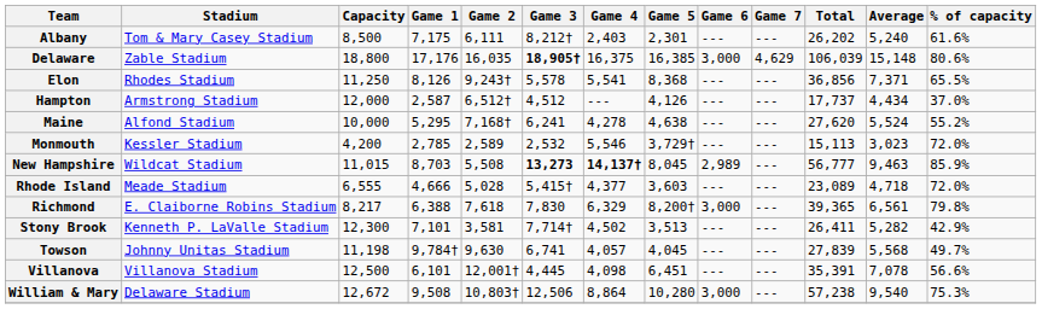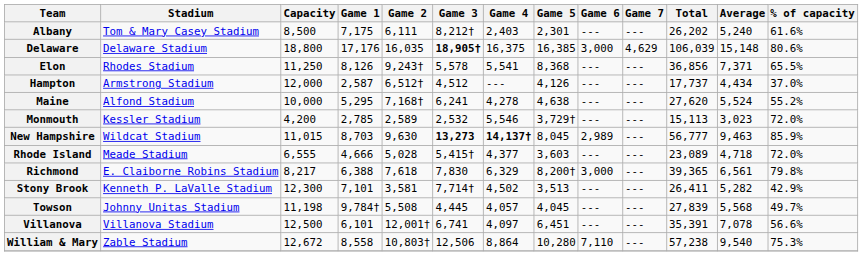 <table class="wikitable sortable">
 <tr>
 <th>Team</th>
 <th>Stadium</th>
 <th>Capacity</th>
 <th>Game 1</th>
 <th>Game 2</th>
 <th>Game 3</th>
 <th>Game 4</th>
 <th>Game 5</th>
 <th>Game 6</th>
 <th>Game 7</th>
 <th>Total</th>
 <th>Average</th>
 <th>% of capacity</th>
 </tr>
 <tr>
 <th>Albany</th>
 <td><a href='#'>Tom & Mary Casey Stadium</a></td>
 <td>8,500</td>
 <td>7,175</td>
 <td>6,111</td>
 <td>8,212†</td>
 <td>2,403</td>
 <td>2,301</td>
 <td>---</td>
 <td>---</td>
 <td>26,202</td>
 <td>5,240</td>
 <td>61.6%</td>
 </tr>
 <tr>
 <th>Delaware</th>
-<td><a href='#'>Zable Stadium</a></td>
+<td><a href='#'>Delaware Stadium</a></td>
 <td>18,800</td>
 <td>17,176</td>
 <td>16,035</td>
 <td><strong>18,905†</strong></td>
 <td>16,375</td>
 <td>16,385</td>
 <td>3,000</td>
 <td>4,629</td>
 <td>106,039</td>
 <td>15,148</td>
 <td>80.6%</td>
 </tr>
 <tr>
 <th>Elon</th>
 <td><a href='#'>Rhodes Stadium</a></td>
 <td>11,250</td>
 <td>8,126</td>
 <td>9,243†</td>
 <td>5,578</td>
 <td>5,541</td>
 <td>8,368</td>
 <td>---</td>
 <td>---</td>
 <td>36,856</td>
 <td>7,371</td>
 <td>65.5%</td>
 </tr>
 <tr>
 <th>Hampton</th>
 <td><a href='#'>Armstrong Stadium</a></td>
 <td>12,000</td>
 <td>2,587</td>
 <td>6,512†</td>
 <td>4,512</td>
 <td>---</td>
 <td>4,126</td>
 <td>---</td>
 <td>---</td>
 <td>17,737</td>
 <td>4,434</td>
 <td>37.0%</td>
 </tr>
 <tr>
 <th>Maine</th>
 <td><a href='#'>Alfond Stadium</a></td>
 <td>10,000</td>
 <td>5,295</td>
 <td>7,168†</td>
 <td>6,241</td>
 <td>4,278</td>
 <td>4,638</td>
 <td>---</td>
 <td>---</td>
 <td>27,620</td>
 <td>5,524</td>
 <td>55.2%</td>
 </tr>
 <tr>
 <th>Monmouth</th>
 <td><a href='#'>Kessler Stadium</a></td>
 <td>4,200</td>
 <td>2,785</td>
 <td>2,589</td>
 <td>2,532</td>
 <td>5,546</td>
 <td>3,729†</td>
 <td>---</td>
 <td>---</td>
 <td>15,113</td>
 <td>3,023</td>
 <td>72.0%</td>
 </tr>
 <tr>
 <th>New Hampshire</th>
 <td><a href='#'>Wildcat Stadium</a></td>
 <td>11,015</td>
 <td>8,703</td>
-<td>5,508</td>
+<td>9,630</td>
 <td><strong>13,273</strong></td>
 <td><strong>14,137†</strong></td>
 <td>8,045</td>
 <td>2,989</td>
 <td>---</td>
 <td>56,777</td>
 <td>9,463</td>
 <td>85.9%</td>
 </tr>
 <tr>
 <th>Rhode Island</th>
 <td><a href='#'>Meade Stadium</a></td>
 <td>6,555</td>
 <td>4,666</td>
 <td>5,028</td>
 <td>5,415†</td>
 <td>4,377</td>
 <td>3,603</td>
 <td>---</td>
 <td>---</td>
 <td>23,089</td>
 <td>4,718</td>
 <td>72.0%</td>
 </tr>
 <tr>
 <th>Richmond</th>
 <td><a href='#'>E. Claiborne Robins Stadium</a></td>
 <td>8,217</td>
 <td>6,388</td>
 <td>7,618</td>
 <td>7,830</td>
 <td>6,329</td>
 <td>8,200†</td>
 <td>3,000</td>
 <td>---</td>
 <td>39,365</td>
 <td>6,561</td>
 <td>79.8%</td>
 </tr>
 <tr>
 <th>Stony Brook</th>
 <td><a href='#'>Kenneth P. LaValle Stadium</a></td>
 <td>12,300</td>
 <td>7,101</td>
 <td>3,581</td>
 <td>7,714†</td>
 <td>4,502</td>
 <td>3,513</td>
 <td>---</td>
 <td>---</td>
 <td>26,411</td>
 <td>5,282</td>
 <td>42.9%</td>
 </tr>
 <tr>
 <th>Towson</th>
 <td><a href='#'>Johnny Unitas Stadium</a></td>
 <td>11,198</td>
 <td>9,784†</td>
-<td>9,630</td>
-<td>6,741</td>
+<td>5,508</td>
+<td>4,445</td>
 <td>4,057</td>
 <td>4,045</td>
 <td>---</td>
 <td>---</td>
 <td>27,839</td>
 <td>5,568</td>
 <td>49.7%</td>
 </tr>
 <tr>
 <th>Villanova</th>
 <td><a href='#'>Villanova Stadium</a></td>
 <td>12,500</td>
 <td>6,101</td>
 <td>12,001†</td>
-<td>4,445</td>
-<td>4,098</td>
+<td>6,741</td>
+<td>4,097</td>
 <td>6,451</td>
 <td>---</td>
 <td>---</td>
 <td>35,391</td>
 <td>7,078</td>
 <td>56.6%</td>
 </tr>
 <tr>
 <th>William & Mary</th>
-<td><a href='#'>Delaware Stadium</a></td>
+<td><a href='#'>Zable Stadium</a></td>
 <td>12,672</td>
-<td>9,508</td>
+<td>8,558</td>
 <td>10,803†</td>
 <td>12,506</td>
 <td>8,864</td>
 <td>10,280</td>
-<td>3,000</td>
+<td>7,110</td>
 <td>---</td>
 <td>57,238</td>
 <td>9,540</td>
 <td>75.3%</td>
 </tr>
 <tr>
 </tr>
 </table>
